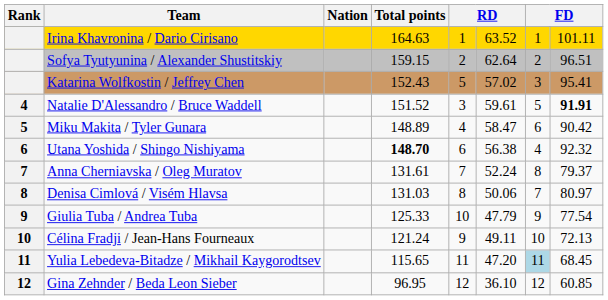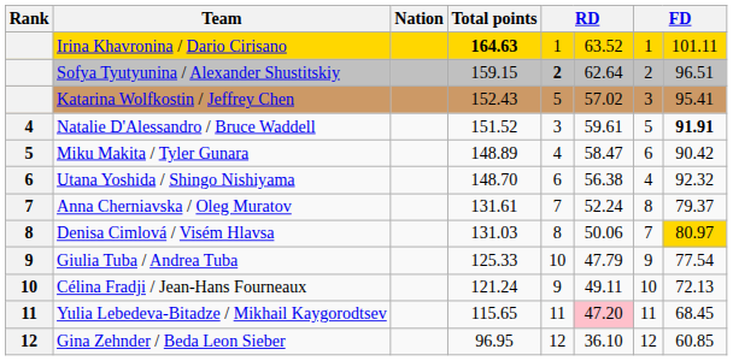 <table class="wikitable sortable" style="text-align:left">
 <tr>
 <th scope="col">Rank</th>
 <th scope="col">Team</th>
 <th scope="col">Nation</th>
 <th scope="col">Total points</th>
 <th scope="col" colspan="2" width="80px"><a href='#'>RD</a></th>
 <th scope="col" colspan="2" width="80px"><a href='#'>FD</a></th>
 </tr>
 <tr bgcolor="gold">
 <th scope="row"></th>
 <td><a href='#'>Irina Khavronina</a> / <a href='#'>Dario Cirisano</a></td>
 <td></td>
-<td align="center">164.63</td>
+<td align="center"><strong>164.63</strong></td>
 <td align="center">1</td>
 <td align="center">63.52</td>
 <td align="center">1</td>
 <td align="center">101.11</td>
 </tr>
 <tr bgcolor="silver">
 <th scope="row"></th>
 <td><a href='#'>Sofya Tyutyunina</a> / <a href='#'>Alexander Shustitskiy</a></td>
 <td></td>
 <td align="center">159.15</td>
-<td align="center">2</td>
+<td align="center"><strong>2</strong></td>
 <td align="center">62.64</td>
 <td align="center">2</td>
 <td align="center">96.51</td>
 </tr>
 <tr bgcolor="#cc9966">
 <th scope="row"></th>
 <td><a href='#'>Katarina Wolfkostin</a> / <a href='#'>Jeffrey Chen</a></td>
 <td></td>
 <td align="center">152.43</td>
 <td align="center">5</td>
 <td align="center">57.02</td>
 <td align="center">3</td>
 <td align="center">95.41</td>
 </tr>
 <tr>
 <th scope="row">4</th>
 <td><a href='#'>Natalie D'Alessandro</a> / <a href='#'>Bruce Waddell</a></td>
 <td></td>
 <td align="center">151.52</td>
 <td align="center">3</td>
 <td align="center">59.61</td>
 <td align="center">5</td>
 <td align="center"><strong>91.91</strong></td>
 </tr>
 <tr>
 <th scope="row">5</th>
 <td><a href='#'>Miku Makita</a> / <a href='#'>Tyler Gunara</a></td>
 <td></td>
 <td align="center">148.89</td>
 <td align="center">4</td>
 <td align="center">58.47</td>
 <td align="center">6</td>
 <td align="center">90.42</td>
 </tr>
 <tr>
 <th scope="row">6</th>
 <td><a href='#'>Utana Yoshida</a> / <a href='#'>Shingo Nishiyama</a></td>
 <td></td>
-<td align="center"><strong>148.70</strong></td>
+<td align="center">148.70</td>
 <td align="center">6</td>
 <td align="center">56.38</td>
 <td align="center">4</td>
 <td align="center">92.32</td>
 </tr>
 <tr>
 <th scope="row">7</th>
 <td><a href='#'>Anna Cherniavska</a> / <a href='#'>Oleg Muratov</a></td>
 <td></td>
 <td align="center">131.61</td>
 <td align="center">7</td>
 <td align="center">52.24</td>
 <td align="center">8</td>
 <td align="center">79.37</td>
 </tr>
 <tr>
 <th scope="row">8</th>
 <td><a href='#'>Denisa Cimlová</a> / <a href='#'>Visém Hlavsa</a></td>
 <td></td>
 <td align="center">131.03</td>
 <td align="center">8</td>
 <td align="center">50.06</td>
 <td align="center">7</td>
-<td align="center">80.97</td>
+<td align="center" style="background: gold;">80.97</td>
 </tr>
 <tr>
 <th scope="row">9</th>
 <td><a href='#'>Giulia Tuba</a> / <a href='#'>Andrea Tuba</a></td>
 <td></td>
 <td align="center">125.33</td>
 <td align="center">10</td>
 <td align="center">47.79</td>
 <td align="center">9</td>
 <td align="center">77.54</td>
 </tr>
 <tr>
 <th scope="row">10</th>
 <td><a href='#'>Célina Fradji</a> / Jean-Hans Fourneaux</td>
 <td></td>
 <td align="center">121.24</td>
 <td align="center">9</td>
 <td align="center">49.11</td>
 <td align="center">10</td>
 <td align="center">72.13</td>
 </tr>
 <tr>
 <th scope="row">11</th>
 <td><a href='#'>Yulia Lebedeva-Bitadze</a> / <a href='#'>Mikhail Kaygorodtsev</a></td>
 <td></td>
 <td align="center">115.65</td>
 <td align="center">11</td>
-<td align="center">47.20</td>
-<td align="center" style="background: lightblue;">11</td>
+<td align="center" style="background: pink;">47.20</td>
+<td align="center">11</td>
 <td align="center">68.45</td>
 </tr>
 <tr>
 <th scope="row">12</th>
 <td><a href='#'>Gina Zehnder</a> / <a href='#'>Beda Leon Sieber</a></td>
 <td></td>
 <td align="center">96.95</td>
 <td align="center">12</td>
 <td align="center">36.10</td>
 <td align="center">12</td>
 <td align="center">60.85</td>
 </tr>
 </table>
